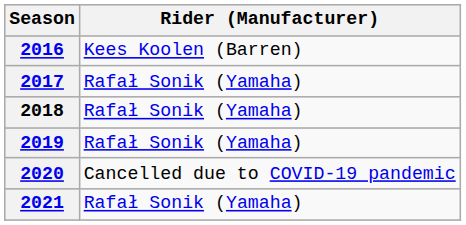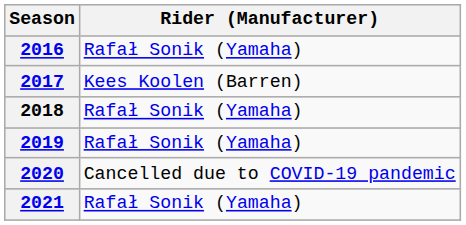 <table class="wikitable" style="font-size:90%;">
 <tr>
 <th>Season</th>
 <th>Rider (Manufacturer)</th>
 </tr>
 <tr>
 <th><a href='#'>2016</a></th>
-<td> <a href='#'>Kees Koolen</a> (Barren)</td>
+<td> <a href='#'>Rafał Sonik</a> (<a href='#'>Yamaha</a>)</td>
 </tr>
 <tr>
 <th><a href='#'>2017</a></th>
-<td> <a href='#'>Rafał Sonik</a> (<a href='#'>Yamaha</a>)</td>
+<td> <a href='#'>Kees Koolen</a> (Barren)</td>
 </tr>
 <tr>
 <th>2018</th>
 <td> <a href='#'>Rafał Sonik</a> (<a href='#'>Yamaha</a>)</td>
 </tr>
 <tr>
 <th><a href='#'>2019</a></th>
 <td> <a href='#'>Rafał Sonik</a> (<a href='#'>Yamaha</a>)</td>
 </tr>
 <tr>
 <th><a href='#'>2020</a></th>
 <td align=center>Cancelled due to <a href='#'>COVID-19 pandemic</a></td>
 </tr>
 <tr>
 <th><a href='#'>2021</a></th>
 <td> <a href='#'>Rafał Sonik</a> (<a href='#'>Yamaha</a>)</td>
 </tr>
 </table>
